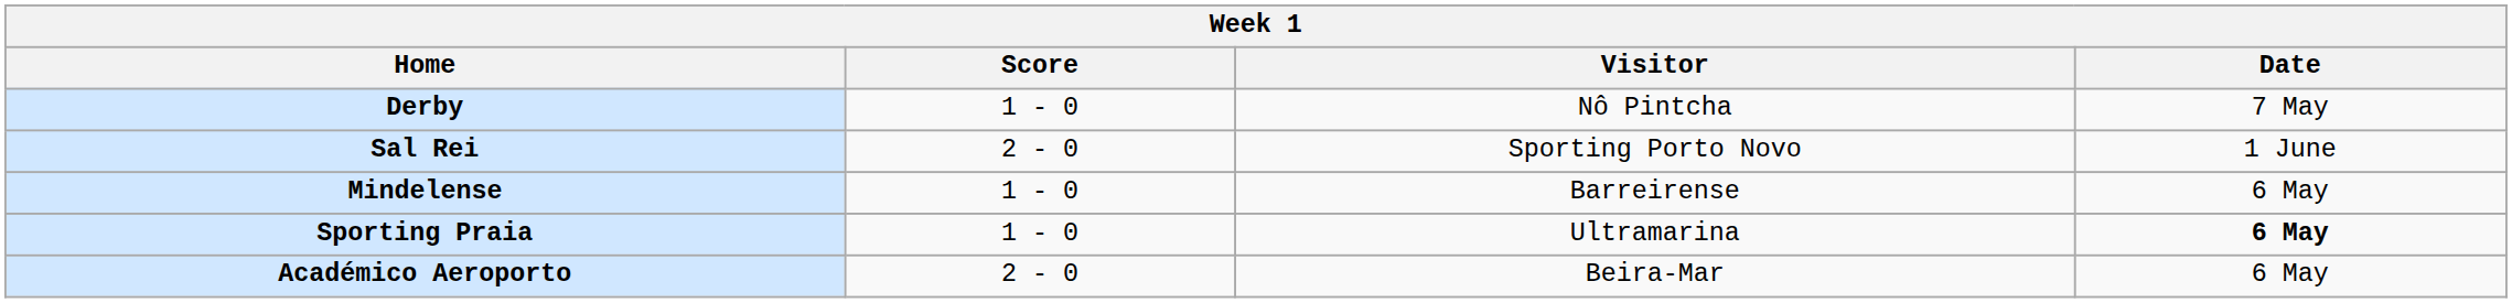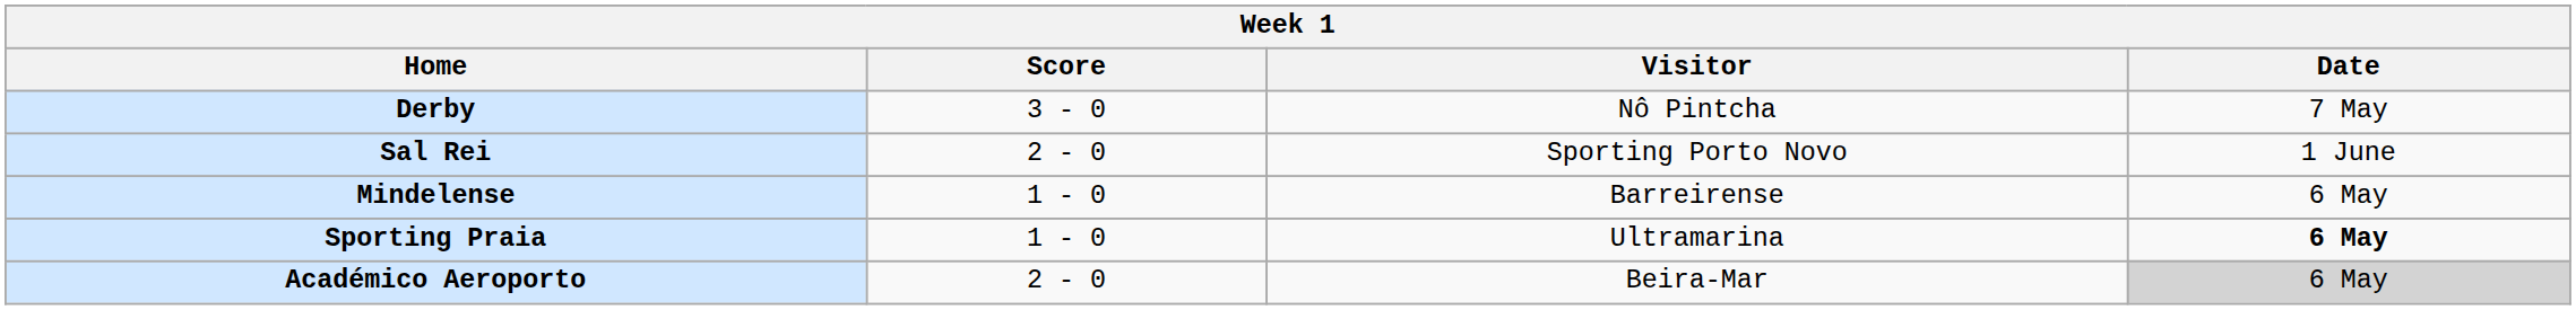 <table class="wikitable" style="font-size:95%; text-align: center; width: 95%;">
 <tr>
 <th colspan="12" style="with: 100%;" align=center>Week 1</th>
 </tr>
 <tr>
 <th width="200">Home</th>
 <th width="90">Score</th>
 <th width="200">Visitor</th>
 <th width="100">Date</th>
 </tr>
 <tr align=center>
 <td bgcolor=#D0E7FF><strong>Derby</strong></td>
-<td>1 - 0</td>
+<td>3 - 0</td>
 <td>Nô Pintcha</td>
 <td>7 May</td>
 </tr>
 <tr align=center>
 <td bgcolor=#D0E7FF><strong>Sal Rei</strong></td>
 <td>2 - 0</td>
 <td>Sporting Porto Novo</td>
 <td>1 June</td>
 </tr>
 <tr align=center>
 <td bgcolor=#D0E7FF><strong>Mindelense</strong></td>
 <td>1 - 0</td>
 <td>Barreirense</td>
 <td>6 May</td>
 </tr>
 <tr align=center>
 <td bgcolor=#D0E7FF><strong>Sporting Praia</strong></td>
 <td>1 - 0</td>
 <td>Ultramarina</td>
 <td><strong>6 May</strong></td>
 </tr>
 <tr align=center>
 <td bgcolor=#D0E7FF><strong>Académico Aeroporto</strong></td>
 <td>2 - 0</td>
 <td>Beira-Mar</td>
-<td>6 May</td>
+<td style="background: lightgrey;">6 May</td>
 </tr>
 </table>
